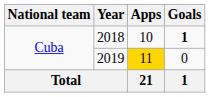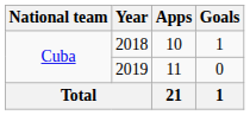 <table class="wikitable" style="text-align:center">
 <tr>
 <th>National team</th>
 <th>Year</th>
 <th>Apps</th>
 <th>Goals</th>
 </tr>
 <tr>
 <td rowspan="2"><a href='#'>Cuba</a></td>
 <td>2018</td>
 <td>10</td>
-<td><strong>1</strong></td>
+<td>1</td>
 </tr>
 <tr>
 <td>2019</td>
-<td style="background: gold;">11</td>
+<td>11</td>
 <td>0</td>
 </tr>
 <tr>
 <th colspan=2>Total</th>
 <th>21</th>
 <th>1</th>
 </tr>
 </table>
